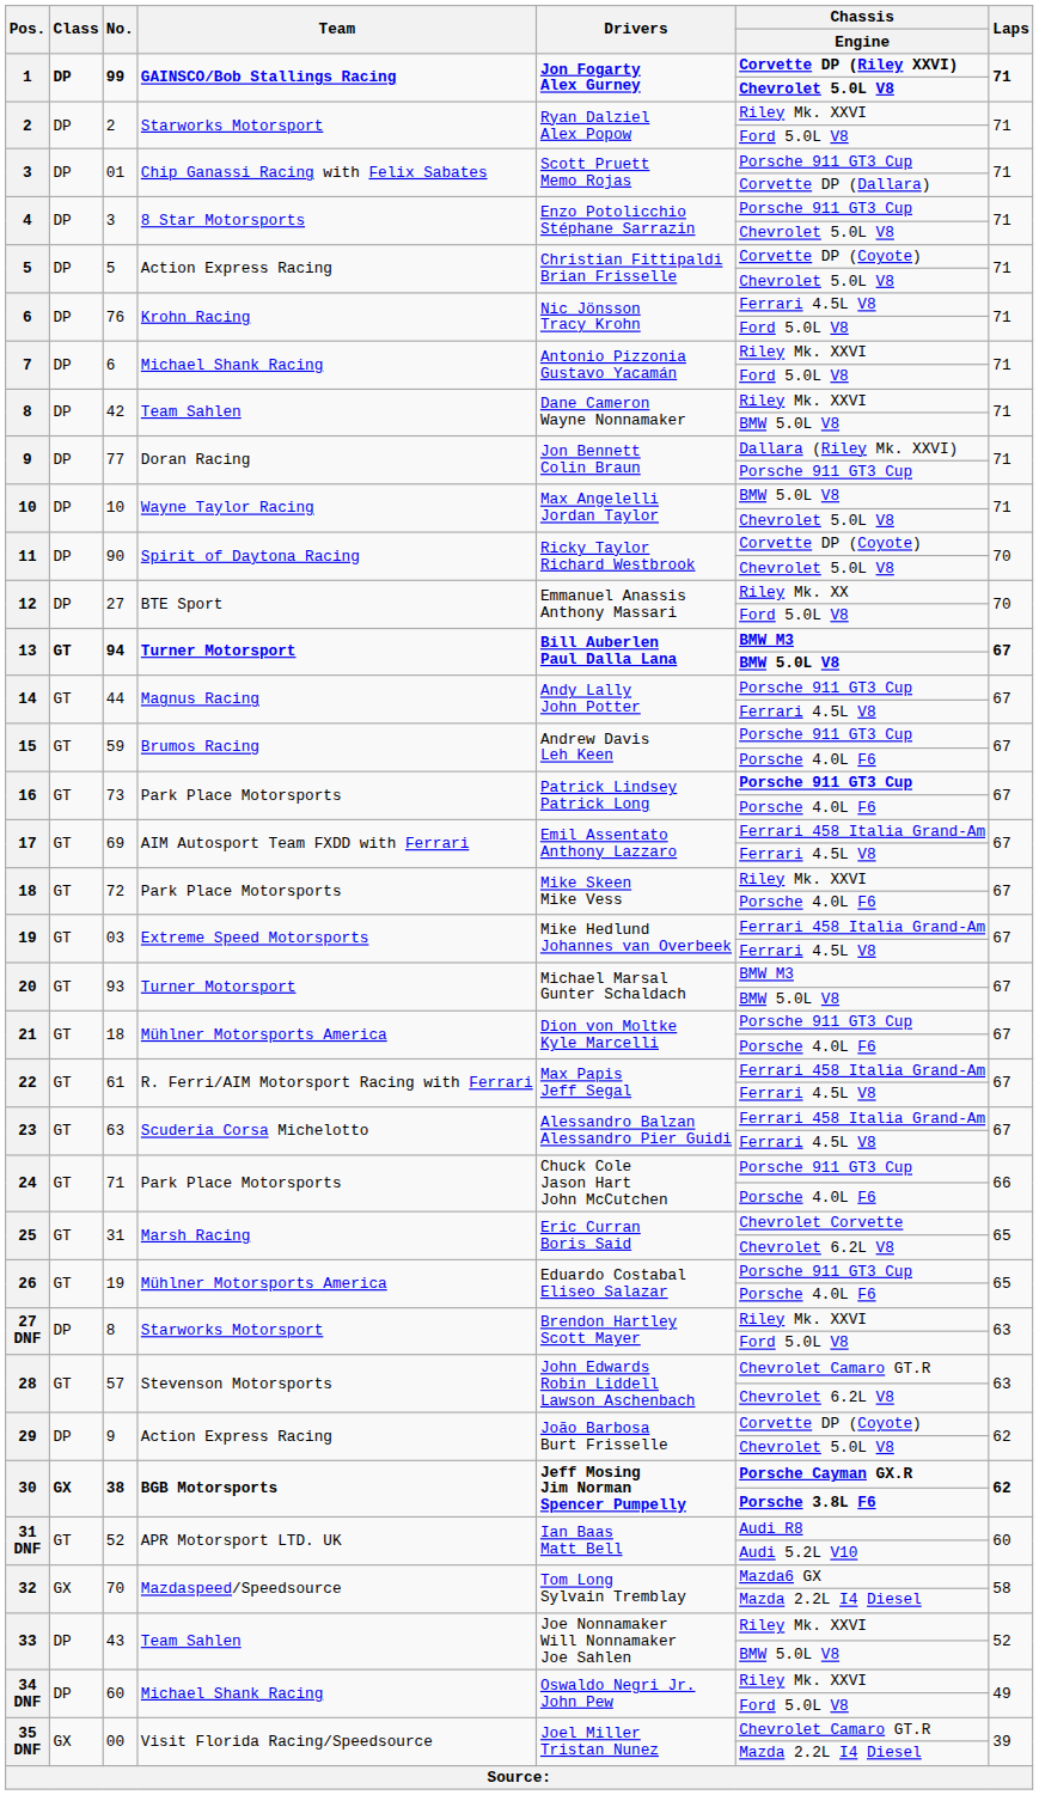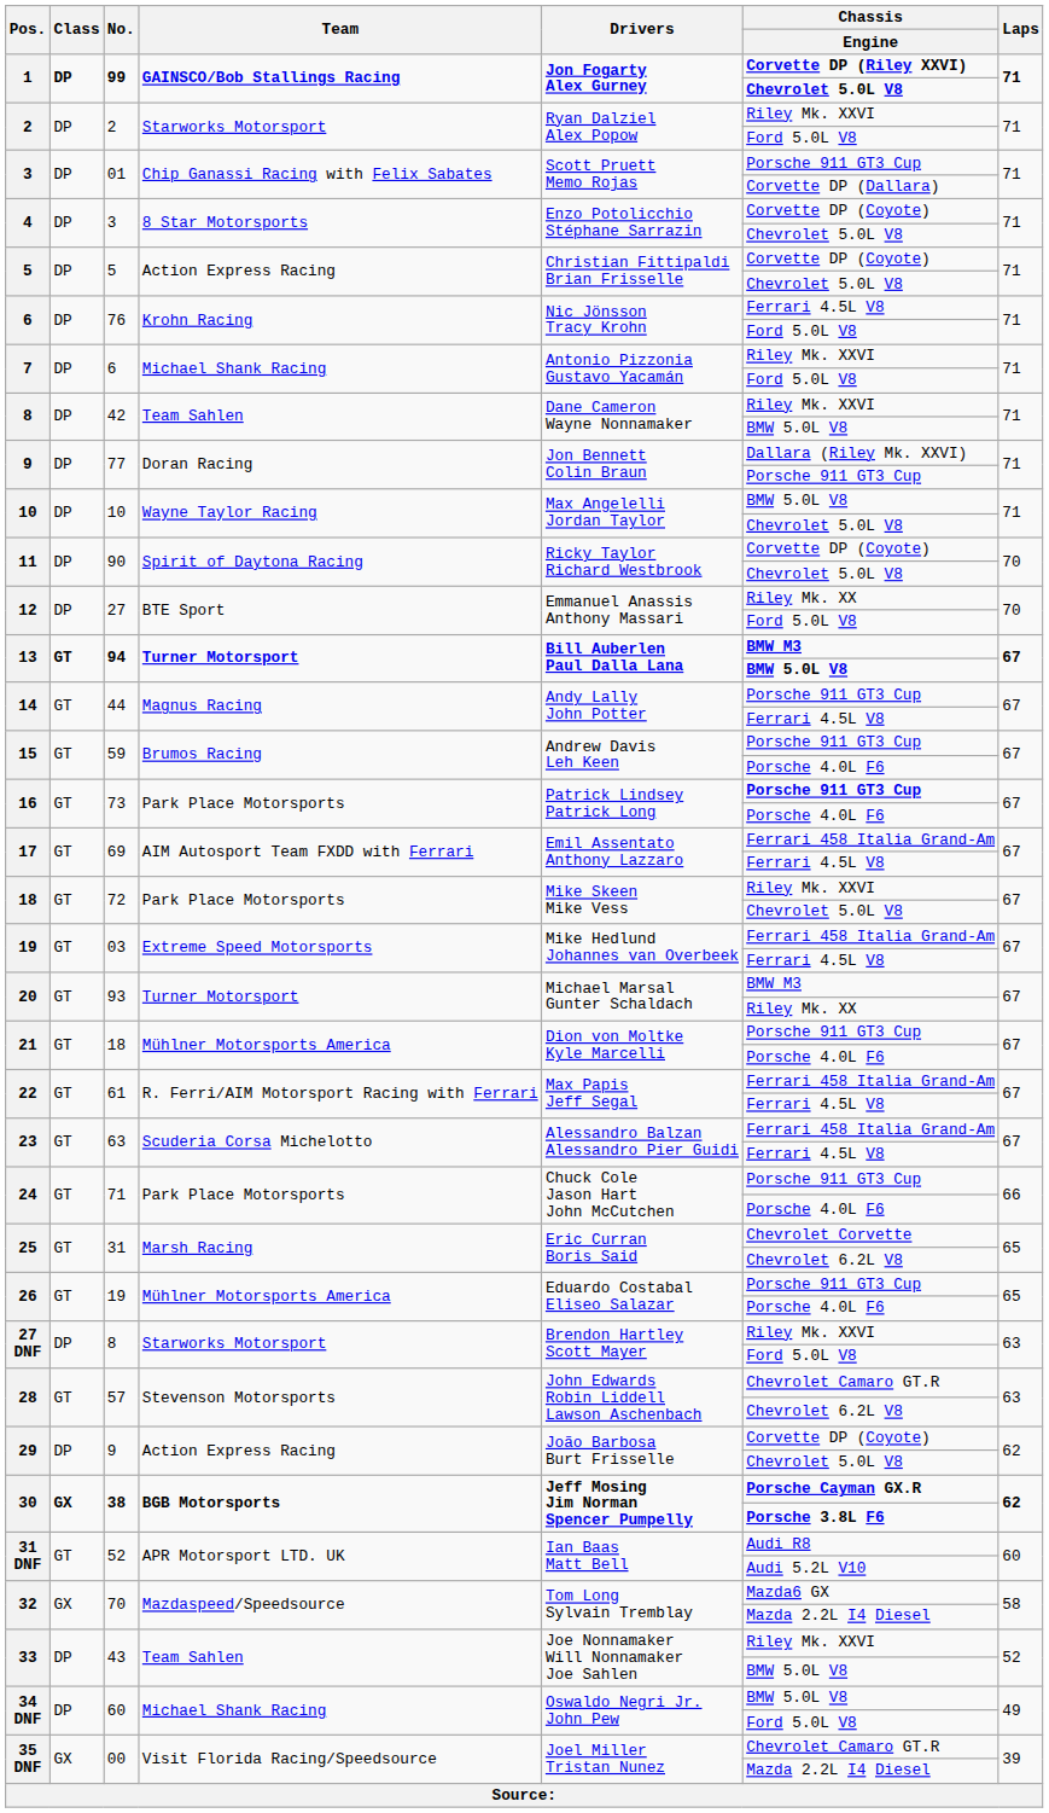 <table class="wikitable" style="font-size: 85%;">
 <tr>
 <th rowspan="2">Pos.</th>
 <th rowspan="2">Class</th>
 <th rowspan="2">No.</th>
 <th rowspan="2">Team</th>
 <th rowspan="2">Drivers</th>
 <th>Chassis</th>
 <th rowspan="2">Laps</th>
 </tr>
 <tr>
 <th>Engine</th>
 </tr>
 <tr>
 <th rowspan="2">1</th>
 <td rowspan="2"><strong>DP</strong></td>
 <td rowspan="2"><strong>99</strong></td>
 <td rowspan="2"><strong> <a href='#'>GAINSCO/Bob Stallings Racing</a></strong></td>
 <td rowspan="2"><strong> <a href='#'>Jon Fogarty</a></strong><br><strong> <a href='#'>Alex Gurney</a></strong></td>
 <td><strong><a href='#'>Corvette</a> DP (<a href='#'>Riley</a> XXVI)</strong></td>
 <td rowspan="2"><strong>71</strong></td>
 </tr>
 <tr>
 <td><strong><a href='#'>Chevrolet</a> 5.0L <a href='#'>V8</a></strong></td>
 </tr>
 <tr>
 <th rowspan="2">2</th>
 <td rowspan="2">DP</td>
 <td rowspan="2">2</td>
 <td rowspan="2"> <a href='#'>Starworks Motorsport</a></td>
 <td rowspan="2"> <a href='#'>Ryan Dalziel</a><br> <a href='#'>Alex Popow</a></td>
 <td><a href='#'>Riley</a> Mk. XXVI</td>
 <td rowspan="2">71</td>
 </tr>
 <tr>
 <td><a href='#'>Ford</a> 5.0L <a href='#'>V8</a></td>
 </tr>
 <tr>
 <th rowspan="2">3</th>
 <td rowspan="2">DP</td>
 <td rowspan="2">01</td>
 <td rowspan="2"> <a href='#'>Chip Ganassi Racing</a> with <a href='#'>Felix Sabates</a></td>
 <td rowspan="2"> <a href='#'>Scott Pruett</a><br> <a href='#'>Memo Rojas</a></td>
 <td><a href='#'>Porsche 911 GT3 Cup</a></td>
 <td rowspan="2">71</td>
 </tr>
 <tr>
 <td><a href='#'>Corvette</a> DP (<a href='#'>Dallara</a>)</td>
 </tr>
 <tr>
 <th rowspan="2">4</th>
 <td rowspan="2">DP</td>
 <td rowspan="2">3</td>
 <td rowspan="2"> <a href='#'>8 Star Motorsports</a></td>
 <td rowspan="2"> <a href='#'>Enzo Potolicchio</a><br> <a href='#'>Stéphane Sarrazin</a></td>
-<td><a href='#'>Porsche 911 GT3 Cup</a></td>
+<td><a href='#'>Corvette</a> DP (<a href='#'>Coyote</a>)</td>
 <td rowspan="2">71</td>
 </tr>
 <tr>
 <td><a href='#'>Chevrolet</a> 5.0L <a href='#'>V8</a></td>
 </tr>
 <tr>
 <th rowspan="2">5</th>
 <td rowspan="2">DP</td>
 <td rowspan="2">5</td>
 <td rowspan="2"> Action Express Racing</td>
 <td rowspan="2"> <a href='#'>Christian Fittipaldi</a><br> <a href='#'>Brian Frisselle</a></td>
 <td><a href='#'>Corvette</a> DP (<a href='#'>Coyote</a>)</td>
 <td rowspan="2">71</td>
 </tr>
 <tr>
 <td><a href='#'>Chevrolet</a> 5.0L <a href='#'>V8</a></td>
 </tr>
 <tr>
 <th rowspan="2">6</th>
 <td rowspan="2">DP</td>
 <td rowspan="2">76</td>
 <td rowspan="2"> <a href='#'>Krohn Racing</a></td>
 <td rowspan="2"> <a href='#'>Nic Jönsson</a><br> <a href='#'>Tracy Krohn</a></td>
 <td><a href='#'>Ferrari</a> 4.5L <a href='#'>V8</a></td>
 <td rowspan="2">71</td>
 </tr>
 <tr>
 <td><a href='#'>Ford</a> 5.0L <a href='#'>V8</a></td>
 </tr>
 <tr>
 <th rowspan="2">7</th>
 <td rowspan="2">DP</td>
 <td rowspan="2">6</td>
 <td rowspan="2"> <a href='#'>Michael Shank Racing</a></td>
 <td rowspan="2"> <a href='#'>Antonio Pizzonia</a><br> <a href='#'>Gustavo Yacamán</a></td>
 <td><a href='#'>Riley</a> Mk. XXVI</td>
 <td rowspan="2">71</td>
 </tr>
 <tr>
 <td><a href='#'>Ford</a> 5.0L <a href='#'>V8</a></td>
 </tr>
 <tr>
 <th rowspan="2">8</th>
 <td rowspan="2">DP</td>
 <td rowspan="2">42</td>
 <td rowspan="2"> <a href='#'>Team Sahlen</a></td>
 <td rowspan="2"> <a href='#'>Dane Cameron</a><br> Wayne Nonnamaker</td>
 <td><a href='#'>Riley</a> Mk. XXVI</td>
 <td rowspan="2">71</td>
 </tr>
 <tr>
 <td><a href='#'>BMW</a> 5.0L <a href='#'>V8</a></td>
 </tr>
 <tr>
 <th rowspan="2">9</th>
 <td rowspan="2">DP</td>
 <td rowspan="2">77</td>
 <td rowspan="2"> Doran Racing</td>
 <td rowspan="2"> <a href='#'>Jon Bennett</a><br> <a href='#'>Colin Braun</a></td>
 <td><a href='#'>Dallara</a> (<a href='#'>Riley</a> Mk. XXVI)</td>
 <td rowspan="2">71</td>
 </tr>
 <tr>
 <td><a href='#'>Porsche 911 GT3 Cup</a></td>
 </tr>
 <tr>
 <th rowspan="2">10</th>
 <td rowspan="2">DP</td>
 <td rowspan="2">10</td>
 <td rowspan="2"> <a href='#'>Wayne Taylor Racing</a></td>
 <td rowspan="2"> <a href='#'>Max Angelelli</a><br> <a href='#'>Jordan Taylor</a></td>
 <td><a href='#'>BMW</a> 5.0L <a href='#'>V8</a></td>
 <td rowspan="2">71</td>
 </tr>
 <tr>
 <td><a href='#'>Chevrolet</a> 5.0L <a href='#'>V8</a></td>
 </tr>
 <tr>
 <th rowspan="2">11</th>
 <td rowspan="2">DP</td>
 <td rowspan="2">90</td>
 <td rowspan="2"> <a href='#'>Spirit of Daytona Racing</a></td>
 <td rowspan="2"> <a href='#'>Ricky Taylor</a><br> <a href='#'>Richard Westbrook</a></td>
 <td><a href='#'>Corvette</a> DP (<a href='#'>Coyote</a>)</td>
 <td rowspan="2">70</td>
 </tr>
 <tr>
 <td><a href='#'>Chevrolet</a> 5.0L <a href='#'>V8</a></td>
 </tr>
 <tr>
 <th rowspan="2">12</th>
 <td rowspan="2">DP</td>
 <td rowspan="2">27</td>
 <td rowspan="2"> BTE Sport</td>
 <td rowspan="2"> Emmanuel Anassis<br> Anthony Massari</td>
 <td><a href='#'>Riley</a> Mk. XX</td>
 <td rowspan="2">70</td>
 </tr>
 <tr>
 <td><a href='#'>Ford</a> 5.0L <a href='#'>V8</a></td>
 </tr>
 <tr>
 <th rowspan="2">13</th>
 <td rowspan="2"><strong>GT</strong></td>
 <td rowspan="2"><strong>94</strong></td>
 <td rowspan="2"><strong> <a href='#'>Turner Motorsport</a></strong></td>
 <td rowspan="2"><strong> <a href='#'>Bill Auberlen</a></strong><br><strong> <a href='#'>Paul Dalla Lana</a></strong></td>
 <td><strong><a href='#'>BMW M3</a></strong></td>
 <td rowspan="2"><strong>67</strong></td>
 </tr>
 <tr>
 <td><strong><a href='#'>BMW</a> 5.0L <a href='#'>V8</a></strong></td>
 </tr>
 <tr>
 <th rowspan="2">14</th>
 <td rowspan="2">GT</td>
 <td rowspan="2">44</td>
 <td rowspan="2"> <a href='#'>Magnus Racing</a></td>
 <td rowspan="2"> <a href='#'>Andy Lally</a><br> <a href='#'>John Potter</a></td>
 <td><a href='#'>Porsche 911 GT3 Cup</a></td>
 <td rowspan="2">67</td>
 </tr>
 <tr>
 <td><a href='#'>Ferrari</a> 4.5L <a href='#'>V8</a></td>
 </tr>
 <tr>
 <th rowspan="2">15</th>
 <td rowspan="2">GT</td>
 <td rowspan="2">59</td>
 <td rowspan="2"> <a href='#'>Brumos Racing</a></td>
 <td rowspan="2"> Andrew Davis<br> <a href='#'>Leh Keen</a></td>
 <td><a href='#'>Porsche 911 GT3 Cup</a></td>
 <td rowspan="2">67</td>
 </tr>
 <tr>
 <td><a href='#'>Porsche</a> 4.0L <a href='#'>F6</a></td>
 </tr>
 <tr>
 <th rowspan="2">16</th>
 <td rowspan="2">GT</td>
 <td rowspan="2">73</td>
 <td rowspan="2"> Park Place Motorsports</td>
 <td rowspan="2"> <a href='#'>Patrick Lindsey</a><br> <a href='#'>Patrick Long</a></td>
 <td><strong><a href='#'>Porsche 911 GT3 Cup</a></strong></td>
 <td rowspan="2">67</td>
 </tr>
 <tr>
 <td><a href='#'>Porsche</a> 4.0L <a href='#'>F6</a></td>
 </tr>
 <tr>
 <th rowspan="2">17</th>
 <td rowspan="2">GT</td>
 <td rowspan="2">69</td>
 <td rowspan="2"> AIM Autosport Team FXDD with <a href='#'>Ferrari</a></td>
 <td rowspan="2"> <a href='#'>Emil Assentato</a><br> <a href='#'>Anthony Lazzaro</a></td>
 <td><a href='#'>Ferrari 458 Italia Grand-Am</a></td>
 <td rowspan="2">67</td>
 </tr>
 <tr>
 <td><a href='#'>Ferrari</a> 4.5L <a href='#'>V8</a></td>
 </tr>
 <tr>
 <th rowspan="2">18</th>
 <td rowspan="2">GT</td>
 <td rowspan="2">72</td>
 <td rowspan="2"> Park Place Motorsports</td>
 <td rowspan="2"> <a href='#'>Mike Skeen</a><br> Mike Vess</td>
 <td><a href='#'>Riley</a> Mk. XXVI</td>
 <td rowspan="2">67</td>
 </tr>
 <tr>
-<td><a href='#'>Porsche</a> 4.0L <a href='#'>F6</a></td>
+<td><a href='#'>Chevrolet</a> 5.0L <a href='#'>V8</a></td>
 </tr>
 <tr>
 <th rowspan="2">19</th>
 <td rowspan="2">GT</td>
 <td rowspan="2">03</td>
 <td rowspan="2"> <a href='#'>Extreme Speed Motorsports</a></td>
 <td rowspan="2"> Mike Hedlund<br> <a href='#'>Johannes van Overbeek</a></td>
 <td><a href='#'>Ferrari 458 Italia Grand-Am</a></td>
 <td rowspan="2">67</td>
 </tr>
 <tr>
 <td><a href='#'>Ferrari</a> 4.5L <a href='#'>V8</a></td>
 </tr>
 <tr>
 <th rowspan="2">20</th>
 <td rowspan="2">GT</td>
 <td rowspan="2">93</td>
 <td rowspan="2"> <a href='#'>Turner Motorsport</a></td>
 <td rowspan="2"> Michael Marsal<br> Gunter Schaldach</td>
 <td><a href='#'>BMW M3</a></td>
 <td rowspan="2">67</td>
 </tr>
 <tr>
-<td><a href='#'>BMW</a> 5.0L <a href='#'>V8</a></td>
+<td><a href='#'>Riley</a> Mk. XX</td>
 </tr>
 <tr>
 <th rowspan="2">21</th>
 <td rowspan="2">GT</td>
 <td rowspan="2">18</td>
 <td rowspan="2"> <a href='#'>Mühlner Motorsports America</a></td>
 <td rowspan="2"> <a href='#'>Dion von Moltke</a><br> <a href='#'>Kyle Marcelli</a></td>
 <td><a href='#'>Porsche 911 GT3 Cup</a></td>
 <td rowspan="2">67</td>
 </tr>
 <tr>
 <td><a href='#'>Porsche</a> 4.0L <a href='#'>F6</a></td>
 </tr>
 <tr>
 <th rowspan="2">22</th>
 <td rowspan="2">GT</td>
 <td rowspan="2">61</td>
 <td rowspan="2"> R. Ferri/AIM Motorsport Racing with <a href='#'>Ferrari</a></td>
 <td rowspan="2"> <a href='#'>Max Papis</a><br> <a href='#'>Jeff Segal</a></td>
 <td><a href='#'>Ferrari 458 Italia Grand-Am</a></td>
 <td rowspan="2">67</td>
 </tr>
 <tr>
 <td><a href='#'>Ferrari</a> 4.5L <a href='#'>V8</a></td>
 </tr>
 <tr>
 <th rowspan="2">23</th>
 <td rowspan="2">GT</td>
 <td rowspan="2">63</td>
 <td rowspan="2"> <a href='#'>Scuderia Corsa</a> Michelotto</td>
 <td rowspan="2"> <a href='#'>Alessandro Balzan</a><br> <a href='#'>Alessandro Pier Guidi</a></td>
 <td><a href='#'>Ferrari 458 Italia Grand-Am</a></td>
 <td rowspan="2">67</td>
 </tr>
 <tr>
 <td><a href='#'>Ferrari</a> 4.5L <a href='#'>V8</a></td>
 </tr>
 <tr>
 <th rowspan="2">24</th>
 <td rowspan="2">GT</td>
 <td rowspan="2">71</td>
 <td rowspan="2"> Park Place Motorsports</td>
 <td rowspan="2"> Chuck Cole<br> Jason Hart<br> John McCutchen</td>
 <td><a href='#'>Porsche 911 GT3 Cup</a></td>
 <td rowspan="2">66</td>
 </tr>
 <tr>
 <td><a href='#'>Porsche</a> 4.0L <a href='#'>F6</a></td>
 </tr>
 <tr>
 <th rowspan="2">25</th>
 <td rowspan="2">GT</td>
 <td rowspan="2">31</td>
 <td rowspan="2"> <a href='#'>Marsh Racing</a></td>
 <td rowspan="2"> <a href='#'>Eric Curran</a><br> <a href='#'>Boris Said</a></td>
 <td><a href='#'>Chevrolet Corvette</a></td>
 <td rowspan="2">65</td>
 </tr>
 <tr>
 <td><a href='#'>Chevrolet</a> 6.2L <a href='#'>V8</a></td>
 </tr>
 <tr>
 <th rowspan="2">26</th>
 <td rowspan="2">GT</td>
 <td rowspan="2">19</td>
 <td rowspan="2"> <a href='#'>Mühlner Motorsports America</a></td>
 <td rowspan="2"> Eduardo Costabal<br> <a href='#'>Eliseo Salazar</a></td>
 <td><a href='#'>Porsche 911 GT3 Cup</a></td>
 <td rowspan="2">65</td>
 </tr>
 <tr>
 <td><a href='#'>Porsche</a> 4.0L <a href='#'>F6</a></td>
 </tr>
 <tr>
 <th rowspan="2">27<br>DNF</th>
 <td rowspan="2">DP</td>
 <td rowspan="2">8</td>
 <td rowspan="2"> <a href='#'>Starworks Motorsport</a></td>
 <td rowspan="2"> <a href='#'>Brendon Hartley</a><br> <a href='#'>Scott Mayer</a></td>
 <td><a href='#'>Riley</a> Mk. XXVI</td>
 <td rowspan="2">63</td>
 </tr>
 <tr>
 <td><a href='#'>Ford</a> 5.0L <a href='#'>V8</a></td>
 </tr>
 <tr>
 <th rowspan="2">28</th>
 <td rowspan="2">GT</td>
 <td rowspan="2">57</td>
 <td rowspan="2"> Stevenson Motorsports</td>
 <td rowspan="2"> <a href='#'>John Edwards</a><br> <a href='#'>Robin Liddell</a><br> <a href='#'>Lawson Aschenbach</a></td>
 <td><a href='#'>Chevrolet Camaro</a> GT.R</td>
 <td rowspan="2">63</td>
 </tr>
 <tr>
 <td><a href='#'>Chevrolet</a> 6.2L <a href='#'>V8</a></td>
 </tr>
 <tr>
 <th rowspan="2">29</th>
 <td rowspan="2">DP</td>
 <td rowspan="2">9</td>
 <td rowspan="2"> Action Express Racing</td>
 <td rowspan="2"> <a href='#'>João Barbosa</a><br> Burt Frisselle</td>
 <td><a href='#'>Corvette</a> DP (<a href='#'>Coyote</a>)</td>
 <td rowspan="2">62</td>
 </tr>
 <tr>
 <td><a href='#'>Chevrolet</a> 5.0L <a href='#'>V8</a></td>
 </tr>
 <tr>
 <th rowspan="2">30</th>
 <td rowspan="2"><strong>GX</strong></td>
 <td rowspan="2"><strong>38</strong></td>
 <td rowspan="2"><strong> BGB Motorsports</strong></td>
 <td rowspan="2"><strong> Jeff Mosing</strong><br><strong> Jim Norman</strong><br><strong> <a href='#'>Spencer Pumpelly</a></strong></td>
 <td><strong><a href='#'>Porsche Cayman</a> GX.R</strong></td>
 <td rowspan="2"><strong>62</strong></td>
 </tr>
 <tr>
 <td><strong><a href='#'>Porsche</a> 3.8L <a href='#'>F6</a></strong></td>
 </tr>
 <tr>
 <th rowspan="2">31<br>DNF</th>
 <td rowspan="2">GT</td>
 <td rowspan="2">52</td>
 <td rowspan="2"> APR Motorsport LTD. UK</td>
 <td rowspan="2"> <a href='#'>Ian Baas</a><br> <a href='#'>Matt Bell</a></td>
 <td><a href='#'>Audi R8</a></td>
 <td rowspan="2">60</td>
 </tr>
 <tr>
 <td><a href='#'>Audi</a> 5.2L <a href='#'>V10</a></td>
 </tr>
 <tr>
 <th rowspan="2">32</th>
 <td rowspan="2">GX</td>
 <td rowspan="2">70</td>
 <td rowspan="2"> <a href='#'>Mazdaspeed</a>/Speedsource</td>
 <td rowspan="2"> <a href='#'>Tom Long</a><br> Sylvain Tremblay</td>
 <td><a href='#'>Mazda6</a> GX</td>
 <td rowspan="2">58</td>
 </tr>
 <tr>
 <td><a href='#'>Mazda</a> 2.2L <a href='#'>I4</a> <a href='#'>Diesel</a></td>
 </tr>
 <tr>
 <th rowspan="2">33</th>
 <td rowspan="2">DP</td>
 <td rowspan="2">43</td>
 <td rowspan="2"> <a href='#'>Team Sahlen</a></td>
 <td rowspan="2"> Joe Nonnamaker<br> Will Nonnamaker<br> Joe Sahlen</td>
 <td><a href='#'>Riley</a> Mk. XXVI</td>
 <td rowspan="2">52</td>
 </tr>
 <tr>
 <td><a href='#'>BMW</a> 5.0L <a href='#'>V8</a></td>
 </tr>
 <tr>
 <th rowspan="2">34<br>DNF</th>
 <td rowspan="2">DP</td>
 <td rowspan="2">60</td>
 <td rowspan="2"> <a href='#'>Michael Shank Racing</a></td>
 <td rowspan="2"> <a href='#'>Oswaldo Negri Jr.</a><br> <a href='#'>John Pew</a></td>
-<td><a href='#'>Riley</a> Mk. XXVI</td>
+<td><a href='#'>BMW</a> 5.0L <a href='#'>V8</a></td>
 <td rowspan="2">49</td>
 </tr>
 <tr>
 <td><a href='#'>Ford</a> 5.0L <a href='#'>V8</a></td>
 </tr>
 <tr>
 <th rowspan="2">35<br>DNF</th>
 <td rowspan="2">GX</td>
 <td rowspan="2">00</td>
 <td rowspan="2"> Visit Florida Racing/Speedsource</td>
 <td rowspan="2"> <a href='#'>Joel Miller</a><br> <a href='#'>Tristan Nunez</a></td>
 <td><a href='#'>Chevrolet Camaro</a> GT.R</td>
 <td rowspan="2">39</td>
 </tr>
 <tr>
 <td><a href='#'>Mazda</a> 2.2L <a href='#'>I4</a> <a href='#'>Diesel</a></td>
 </tr>
 <tr>
 <th colspan="7">Source:</th>
 </tr>
 </table>
